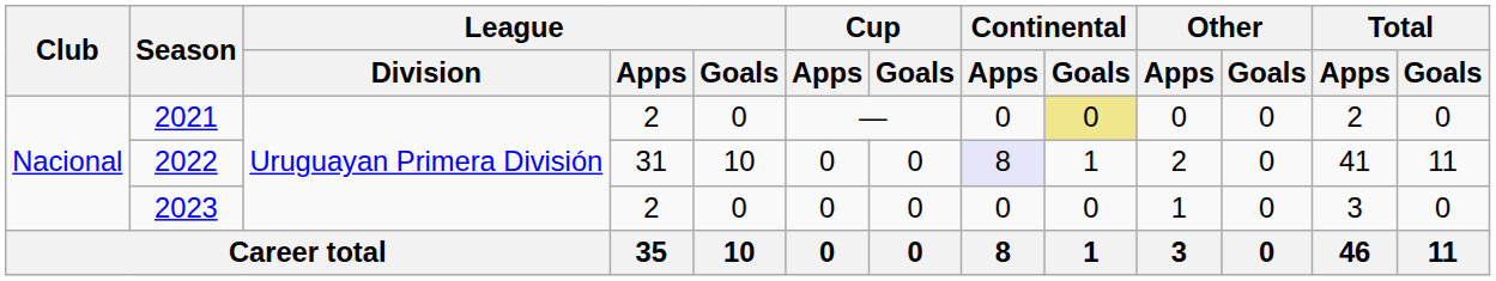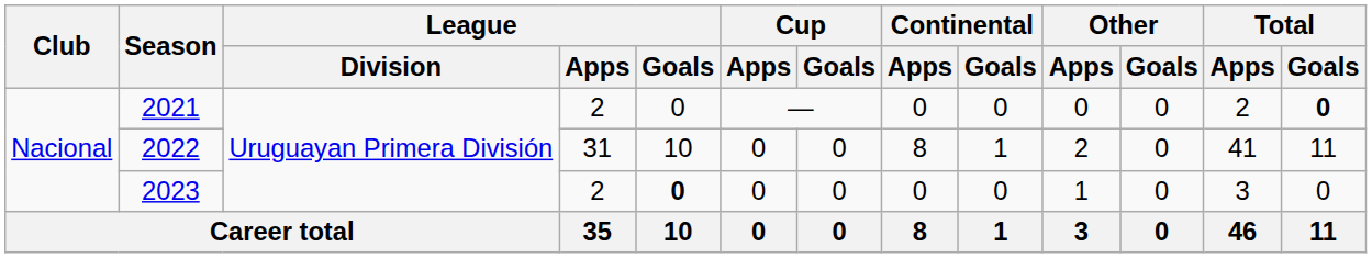 <table class="wikitable" Style="text-align: center">
 <tr>
 <th rowspan="2">Club</th>
 <th rowspan="2">Season</th>
 <th colspan="3">League</th>
 <th colspan="2">Cup</th>
 <th colspan="2">Continental</th>
 <th colspan="2">Other</th>
 <th colspan="2">Total</th>
 </tr>
 <tr>
 <th>Division</th>
 <th>Apps</th>
 <th>Goals</th>
 <th>Apps</th>
 <th>Goals</th>
 <th>Apps</th>
 <th>Goals</th>
 <th>Apps</th>
 <th>Goals</th>
 <th>Apps</th>
 <th>Goals</th>
 </tr>
 <tr>
 <td rowspan="3"><a href='#'>Nacional</a></td>
 <td><a href='#'>2021</a></td>
 <td rowspan="3"><a href='#'>Uruguayan Primera División</a></td>
 <td>2</td>
 <td>0</td>
 <td colspan="2">—</td>
 <td>0</td>
-<td style="background: khaki;">0</td>
+<td>0</td>
 <td>0</td>
 <td>0</td>
 <td>2</td>
-<td>0</td>
+<td><strong>0</strong></td>
 </tr>
 <tr>
 <td><a href='#'>2022</a></td>
 <td>31</td>
 <td>10</td>
 <td>0</td>
 <td>0</td>
-<td style="background: lavender;">8</td>
+<td>8</td>
 <td>1</td>
 <td>2</td>
 <td>0</td>
 <td>41</td>
 <td>11</td>
 </tr>
 <tr>
 <td><a href='#'>2023</a></td>
 <td>2</td>
-<td>0</td>
+<td><strong>0</strong></td>
 <td>0</td>
 <td>0</td>
 <td>0</td>
 <td>0</td>
 <td>1</td>
 <td>0</td>
 <td>3</td>
 <td>0</td>
 </tr>
 <tr>
 <th colspan="3">Career total</th>
 <th>35</th>
 <th>10</th>
 <th>0</th>
 <th>0</th>
 <th>8</th>
 <th>1</th>
 <th>3</th>
 <th>0</th>
 <th>46</th>
 <th>11</th>
 </tr>
 </table>
